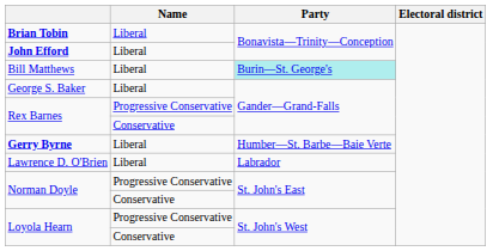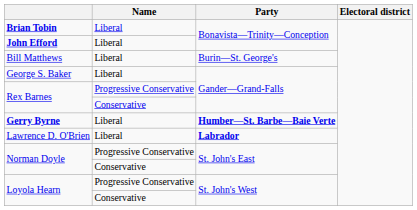 <table class="wikitable">
 <tr>
 <th></th>
 <th>Name</th>
 <th>Party</th>
 <th>Electoral district</th>
 </tr>
 <tr>
 <td><strong><a href='#'>Brian Tobin</a></strong></td>
 <td><a href='#'>Liberal</a></td>
 <td rowspan="2"><a href='#'>Bonavista—Trinity—Conception</a></td>
 </tr>
 <tr>
 <td><strong><a href='#'>John Efford</a></strong></td>
 <td>Liberal</td>
 </tr>
 <tr>
 <td><a href='#'>Bill Matthews</a></td>
 <td>Liberal</td>
-<td style="background: paleturquoise;"><a href='#'>Burin—St. George's</a></td>
+<td><a href='#'>Burin—St. George's</a></td>
 </tr>
 <tr>
 <td><a href='#'>George S. Baker</a></td>
 <td>Liberal</td>
 <td rowspan="3"><a href='#'>Gander—Grand-Falls</a></td>
 </tr>
 <tr>
 <td rowspan="2"><a href='#'>Rex Barnes</a></td>
 <td><a href='#'>Progressive Conservative</a></td>
 </tr>
 <tr>
 <td><a href='#'>Conservative</a></td>
 </tr>
 <tr>
 <td><strong><a href='#'>Gerry Byrne</a></strong></td>
 <td>Liberal</td>
-<td><a href='#'>Humber—St. Barbe—Baie Verte</a></td>
+<td><strong><a href='#'>Humber—St. Barbe—Baie Verte</a></strong></td>
 </tr>
 <tr>
 <td><a href='#'>Lawrence D. O'Brien</a></td>
 <td>Liberal</td>
-<td><a href='#'>Labrador</a></td>
+<td><strong><a href='#'>Labrador</a></strong></td>
 </tr>
 <tr>
 <td rowspan="2"><a href='#'>Norman Doyle</a></td>
 <td>Progressive Conservative</td>
 <td rowspan="2"><a href='#'>St. John's East</a></td>
 </tr>
 <tr>
 <td>Conservative</td>
 </tr>
 <tr>
 <td rowspan="2"><a href='#'>Loyola Hearn</a></td>
 <td>Progressive Conservative</td>
 <td rowspan="2"><a href='#'>St. John's West</a></td>
 </tr>
 <tr>
 <td>Conservative</td>
 </tr>
 </table>
